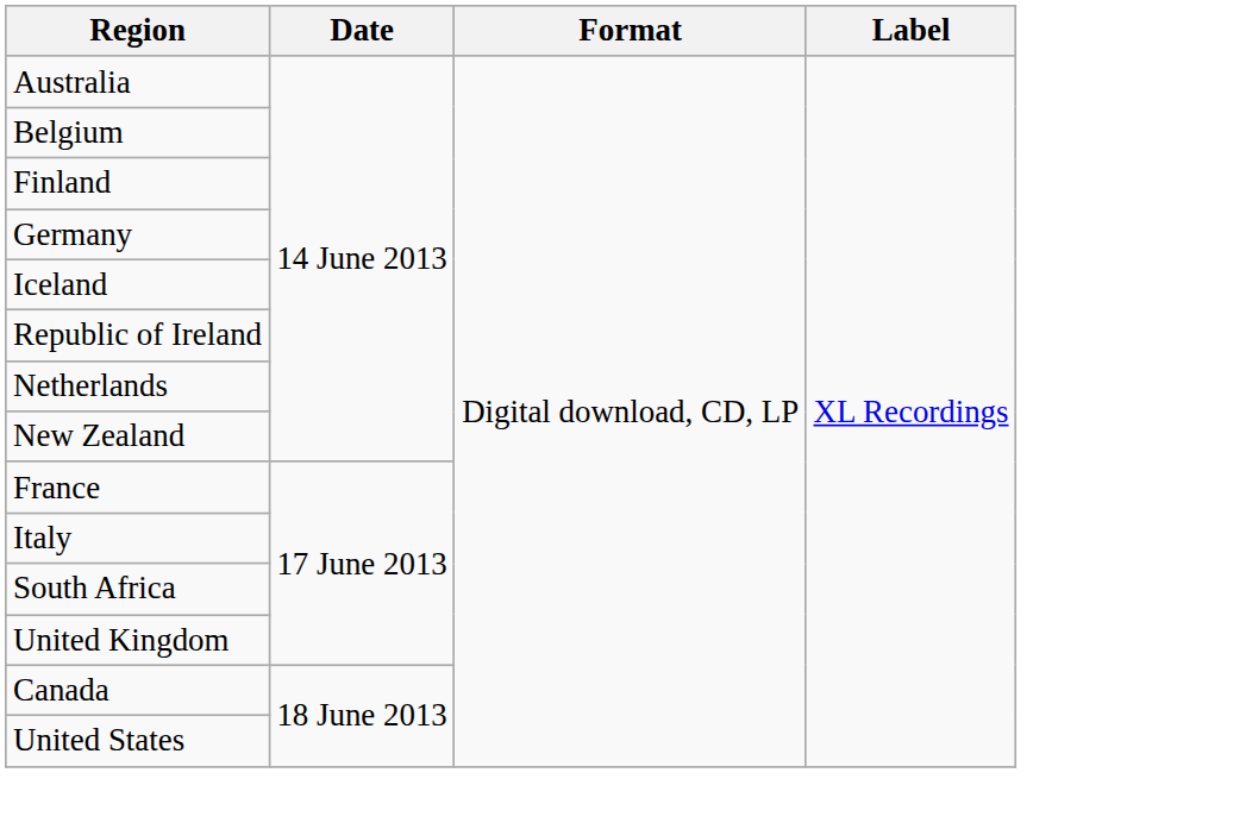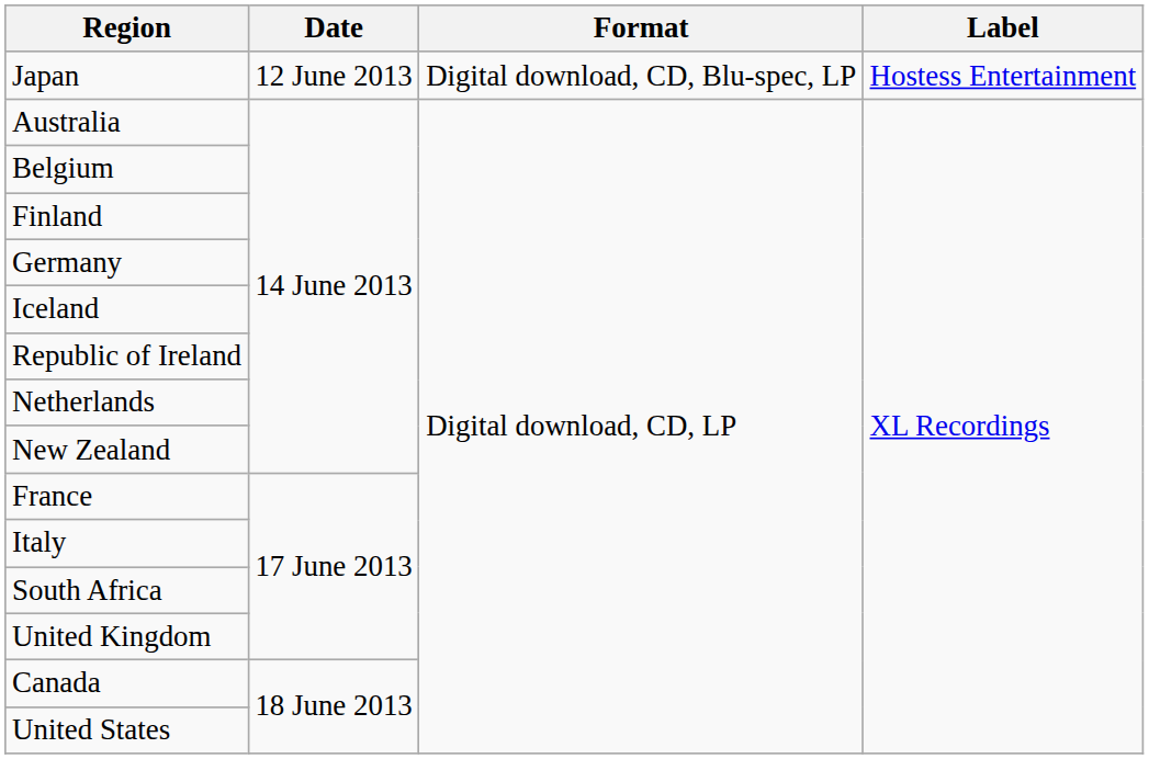 <table class="wikitable plainrowheaders">
 <tr>
 <th>Region</th>
 <th>Date</th>
 <th>Format</th>
 <th>Label</th>
+</tr>
+<tr>
+<td>Japan</td>
+<td rowspan="1">12 June 2013</td>
+<td rowspan="1">Digital download, CD, Blu-spec, LP</td>
+<td rowspan="1"><a href='#'>Hostess Entertainment</a></td>
 </tr>
 <tr>
 <td>Australia</td>
 <td rowspan="8">14 June 2013</td>
 <td rowspan="14">Digital download, CD, LP</td>
 <td rowspan="14"><a href='#'>XL Recordings</a></td>
 </tr>
 <tr>
 <td>Belgium</td>
 </tr>
 <tr>
 <td>Finland</td>
 </tr>
 <tr>
 <td>Germany</td>
 </tr>
 <tr>
 <td>Iceland</td>
 </tr>
 <tr>
 <td>Republic of Ireland</td>
 </tr>
 <tr>
 <td>Netherlands</td>
 </tr>
 <tr>
 <td>New Zealand</td>
 </tr>
 <tr>
 <td>France</td>
 <td rowspan="4">17 June 2013</td>
 </tr>
 <tr>
 <td>Italy</td>
 </tr>
 <tr>
 <td>South Africa</td>
 </tr>
 <tr>
 <td>United Kingdom</td>
 </tr>
 <tr>
 <td>Canada</td>
 <td rowspan="2">18 June 2013</td>
 </tr>
 <tr>
 <td>United States</td>
 </tr>
 </table>
